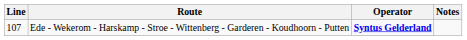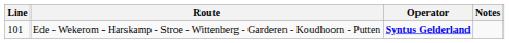 <table class="wikitable">
 <tr>
 <th>Line</th>
 <th>Route</th>
 <th>Operator</th>
 <th>Notes</th>
 </tr>
 <tr>
-<td>107</td>
+<td>101</td>
 <td>Ede - Wekerom - Harskamp - Stroe - Wittenberg - Garderen - Koudhoorn - Putten</td>
 <td><strong><a href='#'>Syntus Gelderland</a></strong></td>
 <td></td>
 </tr>
 </table>
